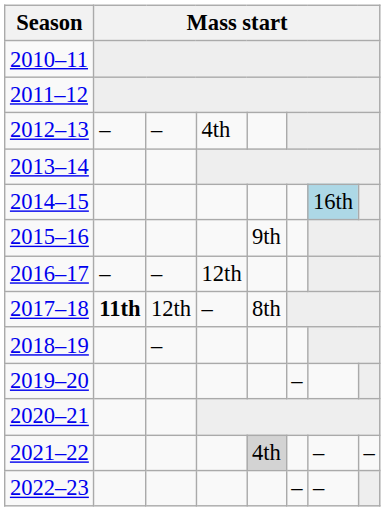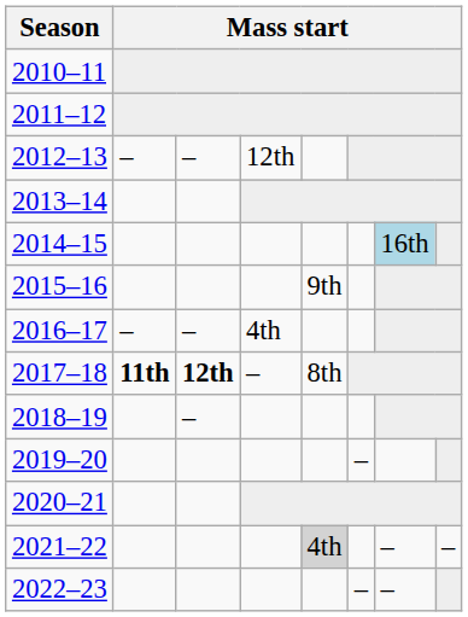 <table class="wikitable" style="display: inline-table;">
 <tr>
 <th>Season</th>
 <th colspan="7">Mass start</th>
 </tr>
 <tr>
 <td><a href='#'>2010–11</a></td>
 <td colspan="7" bgcolor=#EEEEEE></td>
 </tr>
 <tr>
 <td><a href='#'>2011–12</a></td>
 <td colspan="7" bgcolor=#EEEEEE></td>
 </tr>
 <tr>
 <td><a href='#'>2012–13</a></td>
 <td>–</td>
 <td>–</td>
-<td>4th</td>
+<td>12th</td>
 <td></td>
 <td colspan="4" bgcolor=#EEEEEE></td>
 </tr>
 <tr>
 <td><a href='#'>2013–14</a></td>
 <td></td>
 <td></td>
 <td colspan="5" bgcolor=#EEEEEE></td>
 </tr>
 <tr>
 <td><a href='#'>2014–15</a></td>
 <td></td>
 <td></td>
 <td></td>
 <td></td>
 <td></td>
 <td style="background: lightblue;">16th</td>
 <td colspan="1" bgcolor=#EEEEEE></td>
 </tr>
 <tr>
 <td><a href='#'>2015–16</a></td>
 <td></td>
 <td></td>
 <td></td>
 <td>9th</td>
 <td></td>
 <td colspan="2" bgcolor=#EEEEEE></td>
 </tr>
 <tr>
 <td><a href='#'>2016–17</a></td>
 <td>–</td>
 <td>–</td>
-<td>12th</td>
+<td>4th</td>
 <td></td>
 <td></td>
 <td colspan="2" bgcolor=#EEEEEE></td>
 </tr>
 <tr>
 <td><a href='#'>2017–18</a></td>
 <td><strong>11th</strong></td>
-<td>12th</td>
+<td><strong>12th</strong></td>
 <td>–</td>
 <td>8th</td>
 <td colspan="3" bgcolor=#EEEEEE></td>
 </tr>
 <tr>
 <td><a href='#'>2018–19</a></td>
 <td></td>
 <td>–</td>
 <td></td>
 <td></td>
 <td></td>
 <td colspan="2" bgcolor=#EEEEEE></td>
 </tr>
 <tr>
 <td><a href='#'>2019–20</a></td>
 <td></td>
 <td></td>
 <td></td>
 <td></td>
 <td>–</td>
 <td></td>
 <td colspan="1" bgcolor=#EEEEEE></td>
 </tr>
 <tr>
 <td><a href='#'>2020–21</a></td>
 <td></td>
 <td></td>
 <td colspan="5" bgcolor=#EEEEEE></td>
 </tr>
 <tr>
 <td><a href='#'>2021–22</a></td>
 <td></td>
 <td></td>
 <td></td>
 <td style="background: lightgrey;">4th</td>
 <td></td>
 <td>–</td>
 <td>–</td>
 </tr>
 <tr>
 <td><a href='#'>2022–23</a></td>
 <td></td>
 <td></td>
 <td></td>
 <td></td>
 <td>–</td>
 <td>–</td>
 <td colspan="1" bgcolor=#EEEEEE></td>
 </tr>
 </table>
